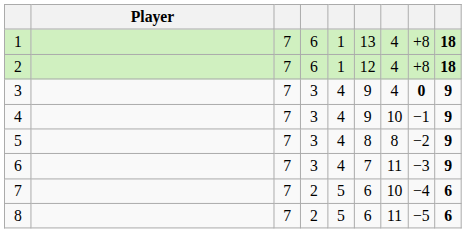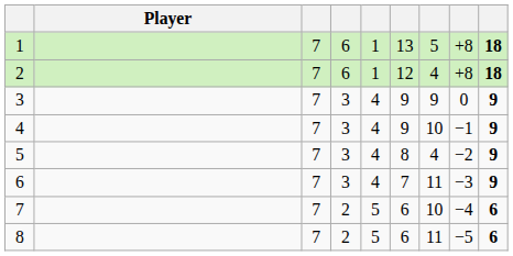 <table class="wikitable" style="text-align:center; margin: 1em auto 1em auto, align:left">
 <tr>
 <th width=20></th>
 <th width=240>Player</th>
 <th width=20></th>
 <th width=20></th>
 <th width=20></th>
 <th width=20></th>
 <th width=20></th>
 <th width=20></th>
 <th width=20></th>
 </tr>
 <tr style="background:#D0F0C0;">
 <td>1</td>
 <td align=left></td>
 <td>7</td>
 <td>6</td>
 <td>1</td>
 <td>13</td>
-<td>4</td>
+<td>5</td>
 <td>+8</td>
 <td><strong>18</strong></td>
 </tr>
 <tr style="background:#D0F0C0;">
 <td>2</td>
 <td align=left></td>
 <td>7</td>
 <td>6</td>
 <td>1</td>
 <td>12</td>
 <td>4</td>
 <td>+8</td>
 <td><strong>18</strong></td>
 </tr>
 <tr style=>
 <td>3</td>
 <td align=left></td>
 <td>7</td>
 <td>3</td>
 <td>4</td>
 <td>9</td>
-<td>4</td>
-<td><strong>0</strong></td>
+<td>9</td>
+<td>0</td>
 <td><strong>9</strong></td>
 </tr>
 <tr style=>
 <td>4</td>
 <td align=left></td>
 <td>7</td>
 <td>3</td>
 <td>4</td>
 <td>9</td>
 <td>10</td>
 <td>−1</td>
 <td><strong>9</strong></td>
 </tr>
 <tr style=>
 <td>5</td>
 <td align=left></td>
 <td>7</td>
 <td>3</td>
 <td>4</td>
 <td>8</td>
-<td>8</td>
+<td>4</td>
 <td>−2</td>
 <td><strong>9</strong></td>
 </tr>
 <tr style=>
 <td>6</td>
 <td align=left></td>
 <td>7</td>
 <td>3</td>
 <td>4</td>
 <td>7</td>
 <td>11</td>
 <td>−3</td>
 <td><strong>9</strong></td>
 </tr>
 <tr style=>
 <td>7</td>
 <td align=left></td>
 <td>7</td>
 <td>2</td>
 <td>5</td>
 <td>6</td>
 <td>10</td>
 <td>−4</td>
 <td><strong>6</strong></td>
 </tr>
 <tr style=>
 <td>8</td>
 <td align=left></td>
 <td>7</td>
 <td>2</td>
 <td>5</td>
 <td>6</td>
 <td>11</td>
 <td>−5</td>
 <td><strong>6</strong></td>
 </tr>
 </table>
